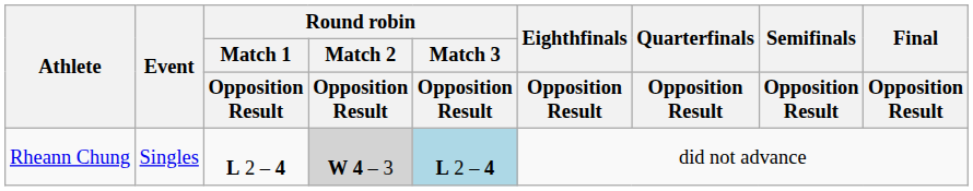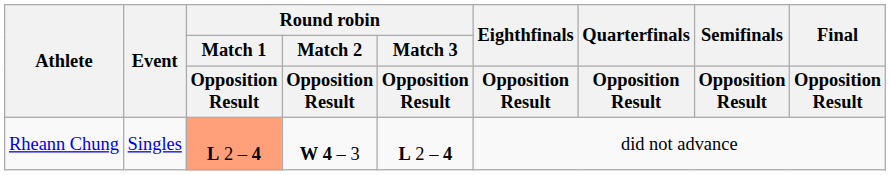 <table class="wikitable" border="1" style="font-size:90%">
 <tr>
 <th rowspan=3>Athlete</th>
 <th rowspan=3>Event</th>
 <th colspan=3>Round robin</th>
 <th rowspan=2>Eighthfinals</th>
 <th rowspan=2>Quarterfinals</th>
 <th rowspan=2>Semifinals</th>
 <th rowspan=2>Final</th>
 </tr>
 <tr>
 <th>Match 1</th>
 <th>Match 2</th>
 <th>Match 3</th>
 </tr>
 <tr>
 <th>Opposition<br>Result</th>
 <th>Opposition<br>Result</th>
 <th>Opposition<br>Result</th>
 <th>Opposition<br>Result</th>
 <th>Opposition<br>Result</th>
 <th>Opposition<br>Result</th>
 <th>Opposition<br>Result</th>
 </tr>
 <tr>
 <td><a href='#'>Rheann Chung</a></td>
 <td><a href='#'>Singles</a></td>
+<td align=center style="background: lightsalmon;"><br><strong>L</strong> 2 – <strong>4</strong></td>
+<td align=center><br><strong>W</strong> <strong>4</strong> – 3</td>
 <td align=center><br><strong>L</strong> 2 – <strong>4</strong></td>
-<td align=center style="background: lightgrey;"><br><strong>W</strong> <strong>4</strong> – 3</td>
-<td align=center style="background: lightblue;"><br><strong>L</strong> 2 – <strong>4</strong></td>
 <td align="center" colspan="7">did not advance</td>
 </tr>
 </table>
